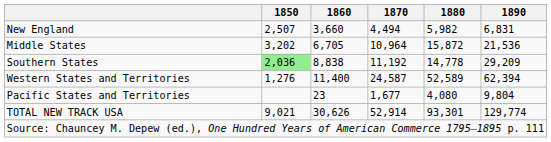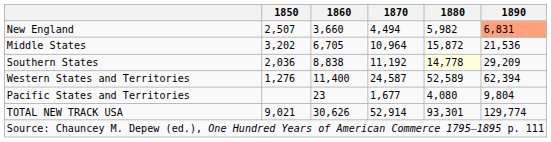 <table class="wikitable">
 <tr>
 <th></th>
 <th>1850</th>
 <th>1860</th>
 <th>1870</th>
 <th>1880</th>
 <th>1890</th>
 </tr>
 <tr>
 <td>New England</td>
 <td>2,507</td>
 <td>3,660</td>
 <td>4,494</td>
 <td>5,982</td>
-<td>6,831</td>
+<td style="background: lightsalmon;">6,831</td>
 </tr>
 <tr>
 <td>Middle States</td>
 <td>3,202</td>
 <td>6,705</td>
 <td>10,964</td>
 <td>15,872</td>
 <td>21,536</td>
 </tr>
 <tr>
 <td>Southern States</td>
-<td style="background: lightgreen;">2,036</td>
+<td>2,036</td>
 <td>8,838</td>
 <td>11,192</td>
-<td>14,778</td>
+<td style="background: lightyellow;">14,778</td>
 <td>29,209</td>
 </tr>
 <tr>
 <td>Western States and Territories</td>
 <td>1,276</td>
 <td>11,400</td>
 <td>24,587</td>
 <td>52,589</td>
 <td>62,394</td>
 </tr>
 <tr>
 <td>Pacific States and Territories</td>
 <td></td>
 <td>23</td>
 <td>1,677</td>
 <td>4,080</td>
 <td>9,804</td>
 </tr>
 <tr>
 <td>TOTAL NEW TRACK USA</td>
 <td>9,021</td>
 <td>30,626</td>
 <td>52,914</td>
 <td>93,301</td>
 <td>129,774</td>
 </tr>
 <tr>
 <td colspan=6>Source: Chauncey M. Depew (ed.), <em>One Hundred Years of American Commerce 1795–1895</em> p. 111</td>
 </tr>
 </table>
